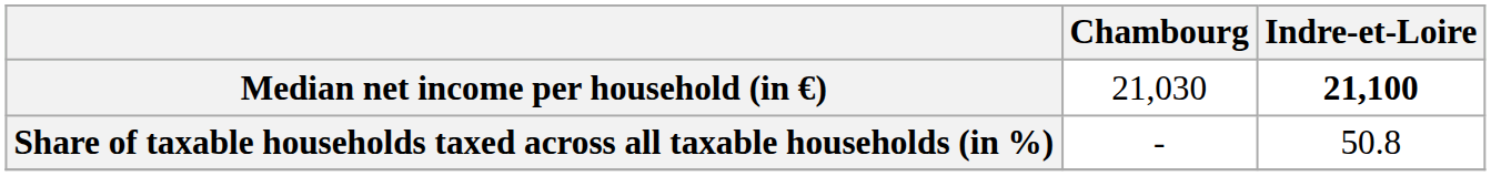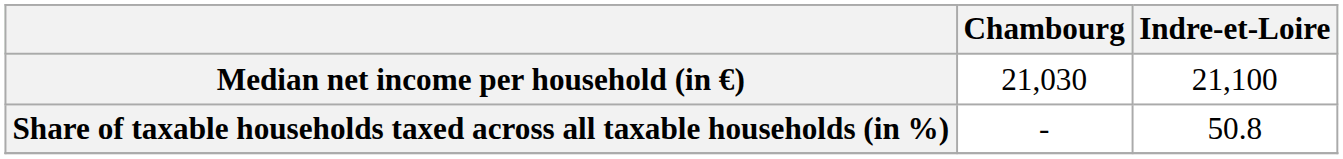 <table class="wikitable" style="margin: 1em auto 1em auto; text-align:center; align:center;">
 <tr style="background: #DDFFDD;">
 <th></th>
 <th>Chambourg</th>
 <th>Indre-et-Loire</th>
 </tr>
 <tr style="background: #FFFFFF;">
 <th scope="row">Median net income per household (in €)</th>
 <td>21,030</td>
-<td><strong>21,100</strong></td>
+<td>21,100</td>
 </tr>
 <tr style="background: #FFFFFF;">
 <th scope="row">Share of taxable households taxed across all taxable households (in %)</th>
 <td>-</td>
 <td>50.8</td>
 </tr>
 <tr>
 </tr>
 </table>
